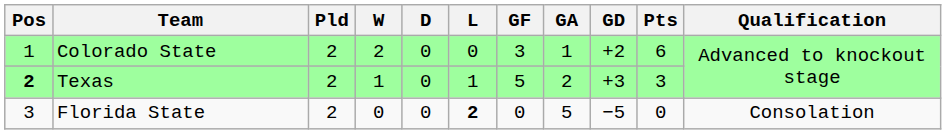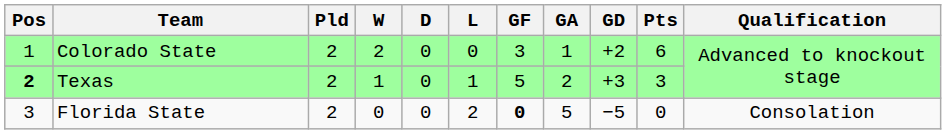 <table class="wikitable" style="text-align:center; margin: 1em auto">
 <tr>
 <th style="width:2em">Pos</th>
 <th style="width:13em">Team</th>
 <th style="width:2em">Pld</th>
 <th style="width:2em">W</th>
 <th style="width:2em">D</th>
 <th style="width:2em">L</th>
 <th style="width:2em">GF</th>
 <th style="width:2em">GA</th>
 <th style="width:2em">GD</th>
 <th style="width:2em">Pts</th>
 <th style="width:13em">Qualification</th>
 </tr>
 <tr bgcolor="#9eff9e">
 <td>1</td>
 <td style="text-align:left">Colorado State</td>
 <td>2</td>
 <td>2</td>
 <td>0</td>
 <td>0</td>
 <td>3</td>
 <td>1</td>
 <td>+2</td>
 <td>6</td>
 <td rowspan="2">Advanced to knockout stage</td>
 </tr>
 <tr bgcolor="#9eff9e">
 <td><strong>2</strong></td>
 <td style="text-align:left">Texas</td>
 <td>2</td>
 <td>1</td>
 <td>0</td>
 <td>1</td>
 <td>5</td>
 <td>2</td>
 <td>+3</td>
 <td>3</td>
 </tr>
 <tr>
 <td>3</td>
 <td style="text-align:left">Florida State</td>
 <td>2</td>
 <td>0</td>
 <td>0</td>
-<td><strong>2</strong></td>
-<td>0</td>
+<td>2</td>
+<td><strong>0</strong></td>
 <td>5</td>
 <td>−5</td>
 <td>0</td>
 <td>Consolation</td>
 </tr>
 </table>
